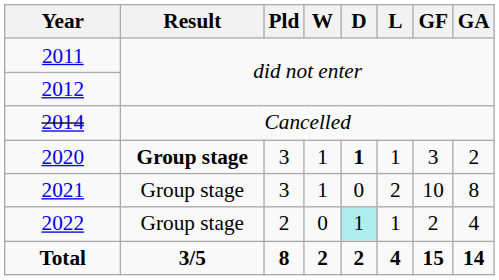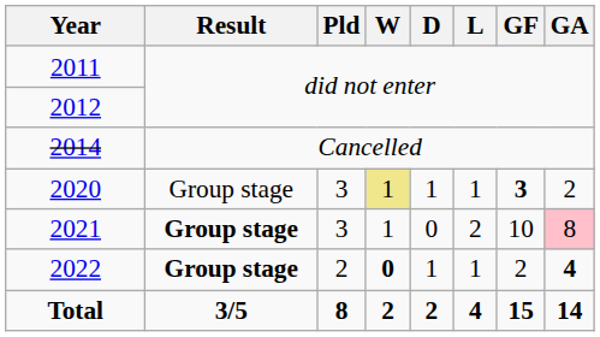 <table class="wikitable" style="text-align: center">
 <tr>
 <th width=80>Year</th>
 <th width=100>Result</th>
 <th width=20>Pld</th>
 <th width=20>W</th>
 <th width=20>D</th>
 <th width=20>L</th>
 <th width=20>GF</th>
 <th width=20>GA</th>
 </tr>
 <tr>
 <td> <a href='#'>2011</a></td>
 <td colspan=7 rowspan=2><em>did not enter</em></td>
 </tr>
 <tr>
 <td> <a href='#'>2012</a></td>
 </tr>
 <tr>
 <td> <s><a href='#'>2014</a></s></td>
 <td colspan=7><em>Cancelled</em></td>
 </tr>
 <tr>
 <td> <a href='#'>2020</a></td>
-<td><strong>Group stage</strong></td>
+<td>Group stage</td>
 <td>3</td>
+<td style="background: khaki;">1</td>
 <td>1</td>
-<td><strong>1</strong></td>
 <td>1</td>
-<td>3</td>
+<td><strong>3</strong></td>
 <td>2</td>
 </tr>
 <tr>
 <td> <a href='#'>2021</a></td>
-<td>Group stage</td>
+<td><strong>Group stage</strong></td>
 <td>3</td>
 <td>1</td>
 <td>0</td>
 <td>2</td>
 <td>10</td>
-<td>8</td>
+<td style="background: pink;">8</td>
 </tr>
 <tr>
 <td> <a href='#'>2022</a></td>
-<td>Group stage</td>
+<td><strong>Group stage</strong></td>
 <td>2</td>
-<td>0</td>
-<td style="background: paleturquoise;">1</td>
+<td><strong>0</strong></td>
+<td>1</td>
 <td>1</td>
 <td>2</td>
-<td>4</td>
+<td><strong>4</strong></td>
 </tr>
 <tr>
 <td><strong>Total</strong></td>
 <td><strong>3/5</strong></td>
 <td><strong>8</strong></td>
 <td><strong>2</strong></td>
 <td><strong>2</strong></td>
 <td><strong>4</strong></td>
 <td><strong>15</strong></td>
 <td><strong>14</strong></td>
 </tr>
 </table>
